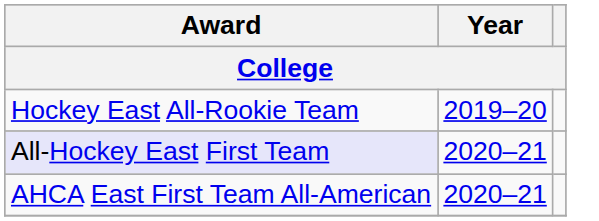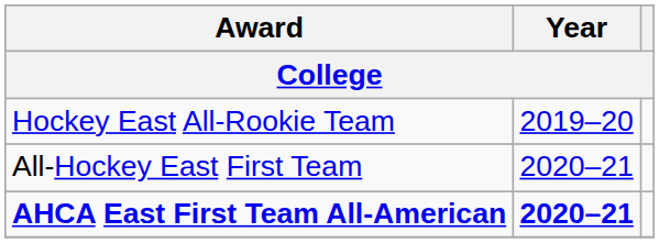 <table class="wikitable">
 <tr>
 <th>Award</th>
 <th>Year</th>
 <th></th>
 </tr>
 <tr ALIGN="center" bgcolor="#e0e0e0">
 <th colspan="3"><a href='#'>College</a></th>
 </tr>
 <tr>
 <td><a href='#'>Hockey East</a> <a href='#'>All-Rookie Team</a></td>
 <td><a href='#'>2019–20</a></td>
 <td></td>
 </tr>
 <tr>
-<td style="background: lavender;">All-<a href='#'>Hockey East</a> <a href='#'>First Team</a></td>
+<td>All-<a href='#'>Hockey East</a> <a href='#'>First Team</a></td>
 <td><a href='#'>2020–21</a></td>
 <td></td>
 </tr>
 <tr>
-<td><a href='#'>AHCA</a> <a href='#'>East First Team All-American</a></td>
-<td><a href='#'>2020–21</a></td>
+<td><strong><a href='#'>AHCA</a> <a href='#'>East First Team All-American</a></strong></td>
+<td><strong><a href='#'>2020–21</a></strong></td>
 <td></td>
 </tr>
 <tr>
 </tr>
 </table>
